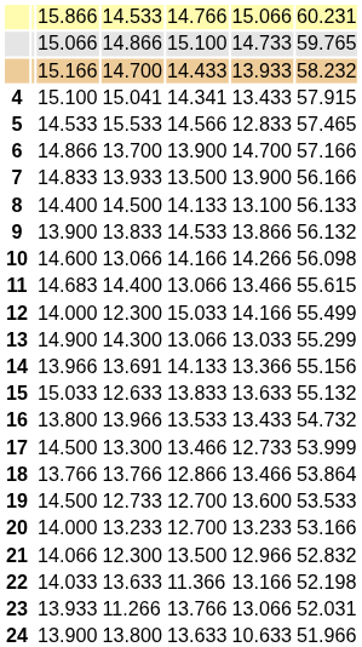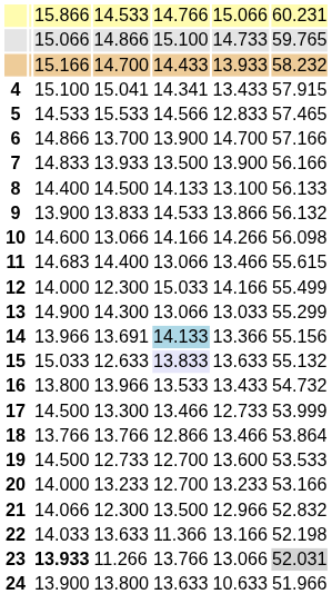 <table>
 <tr style="background:#fffcaf;">
 <th scope=row style="text-align:center"></th>
 <td align=left></td>
 <td>15.866</td>
 <td>14.533</td>
 <td>14.766</td>
 <td>15.066</td>
 <td>60.231</td>
 </tr>
 <tr style="background:#e5e5e5;">
 <th scope=row style="text-align:center"></th>
 <td align=left></td>
 <td>15.066</td>
 <td>14.866</td>
 <td>15.100</td>
 <td>14.733</td>
 <td>59.765</td>
 </tr>
 <tr style="background:#ec9;">
 <th scope=row style="text-align:center"></th>
 <td align=left></td>
 <td>15.166</td>
 <td>14.700</td>
 <td>14.433</td>
 <td>13.933</td>
 <td>58.232</td>
 </tr>
 <tr>
 <th scope=row style="text-align:center">4</th>
 <td align=left></td>
 <td>15.100</td>
 <td>15.041</td>
 <td>14.341</td>
 <td>13.433</td>
 <td>57.915</td>
 </tr>
 <tr>
 <th scope=row style="text-align:center">5</th>
 <td align=left></td>
 <td>14.533</td>
 <td>15.533</td>
 <td>14.566</td>
 <td>12.833</td>
 <td>57.465</td>
 </tr>
 <tr>
 <th scope=row style="text-align:center">6</th>
 <td align=left></td>
 <td>14.866</td>
 <td>13.700</td>
 <td>13.900</td>
 <td>14.700</td>
 <td>57.166</td>
 </tr>
 <tr>
 <th scope=row style="text-align:center">7</th>
 <td align=left></td>
 <td>14.833</td>
 <td>13.933</td>
 <td>13.500</td>
 <td>13.900</td>
 <td>56.166</td>
 </tr>
 <tr>
 <th scope=row style="text-align:center">8</th>
 <td align=left></td>
 <td>14.400</td>
 <td>14.500</td>
 <td>14.133</td>
 <td>13.100</td>
 <td>56.133</td>
 </tr>
 <tr>
 <th scope=row style="text-align:center">9</th>
 <td align=left></td>
 <td>13.900</td>
 <td>13.833</td>
 <td>14.533</td>
 <td>13.866</td>
 <td>56.132</td>
 </tr>
 <tr>
 <th scope=row style="text-align:center">10</th>
 <td align=left></td>
 <td>14.600</td>
 <td>13.066</td>
 <td>14.166</td>
 <td>14.266</td>
 <td>56.098</td>
 </tr>
 <tr>
 <th scope=row style="text-align:center">11</th>
 <td align=left></td>
 <td>14.683</td>
 <td>14.400</td>
 <td>13.066</td>
 <td>13.466</td>
 <td>55.615</td>
 </tr>
 <tr>
 <th scope=row style="text-align:center">12</th>
 <td align=left></td>
 <td>14.000</td>
 <td>12.300</td>
 <td>15.033</td>
 <td>14.166</td>
 <td>55.499</td>
 </tr>
 <tr>
 <th scope=row style="text-align:center">13</th>
 <td align=left></td>
 <td>14.900</td>
 <td>14.300</td>
 <td>13.066</td>
 <td>13.033</td>
 <td>55.299</td>
 </tr>
 <tr>
 <th scope=row style="text-align:center">14</th>
 <td align=left></td>
 <td>13.966</td>
 <td>13.691</td>
-<td>14.133</td>
+<td style="background: lightblue;">14.133</td>
 <td>13.366</td>
 <td>55.156</td>
 </tr>
 <tr>
 <th scope=row style="text-align:center">15</th>
 <td align=left></td>
 <td>15.033</td>
 <td>12.633</td>
-<td>13.833</td>
+<td style="background: lavender;">13.833</td>
 <td>13.633</td>
 <td>55.132</td>
 </tr>
 <tr>
 <th scope=row style="text-align:center">16</th>
 <td align=left></td>
 <td>13.800</td>
 <td>13.966</td>
 <td>13.533</td>
 <td>13.433</td>
 <td>54.732</td>
 </tr>
 <tr>
 <th scope=row style="text-align:center">17</th>
 <td align=left></td>
 <td>14.500</td>
 <td>13.300</td>
 <td>13.466</td>
 <td>12.733</td>
 <td>53.999</td>
 </tr>
 <tr>
 <th scope=row style="text-align:center">18</th>
 <td align=left></td>
 <td>13.766</td>
 <td>13.766</td>
 <td>12.866</td>
 <td>13.466</td>
 <td>53.864</td>
 </tr>
 <tr>
 <th scope=row style="text-align:center">19</th>
 <td align=left></td>
 <td>14.500</td>
 <td>12.733</td>
 <td>12.700</td>
 <td>13.600</td>
 <td>53.533</td>
 </tr>
 <tr>
 <th scope=row style="text-align:center">20</th>
 <td align=left></td>
 <td>14.000</td>
 <td>13.233</td>
 <td>12.700</td>
 <td>13.233</td>
 <td>53.166</td>
 </tr>
 <tr>
 <th scope=row style="text-align:center">21</th>
 <td align=left></td>
 <td>14.066</td>
 <td>12.300</td>
 <td>13.500</td>
 <td>12.966</td>
 <td>52.832</td>
 </tr>
 <tr>
 <th scope=row style="text-align:center">22</th>
 <td align=left></td>
 <td>14.033</td>
 <td>13.633</td>
 <td>11.366</td>
 <td>13.166</td>
 <td>52.198</td>
 </tr>
 <tr>
 <th scope=row style="text-align:center">23</th>
 <td align=left></td>
-<td>13.933</td>
+<td><strong>13.933</strong></td>
 <td>11.266</td>
 <td>13.766</td>
 <td>13.066</td>
-<td>52.031</td>
+<td style="background: lightgrey;">52.031</td>
 </tr>
 <tr>
 <th scope=row style="text-align:center">24</th>
 <td align=left></td>
 <td>13.900</td>
 <td>13.800</td>
 <td>13.633</td>
 <td>10.633</td>
 <td>51.966</td>
 </tr>
 </table>
